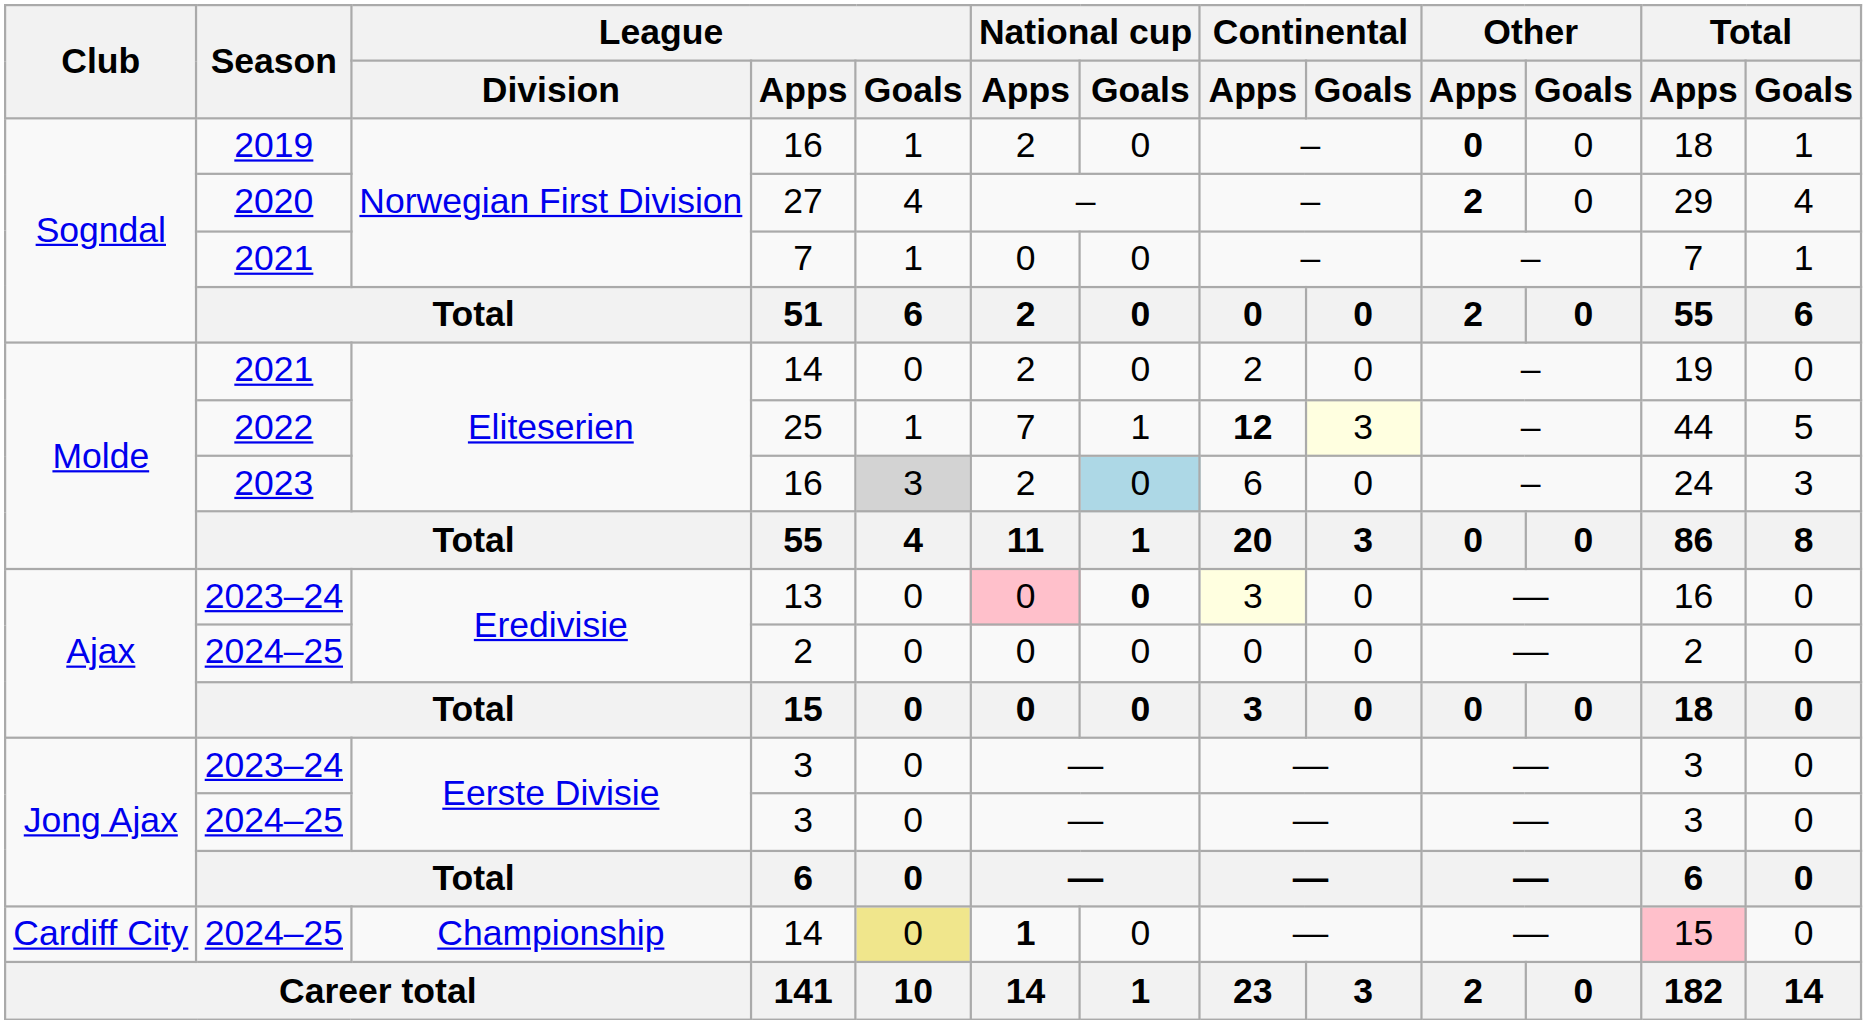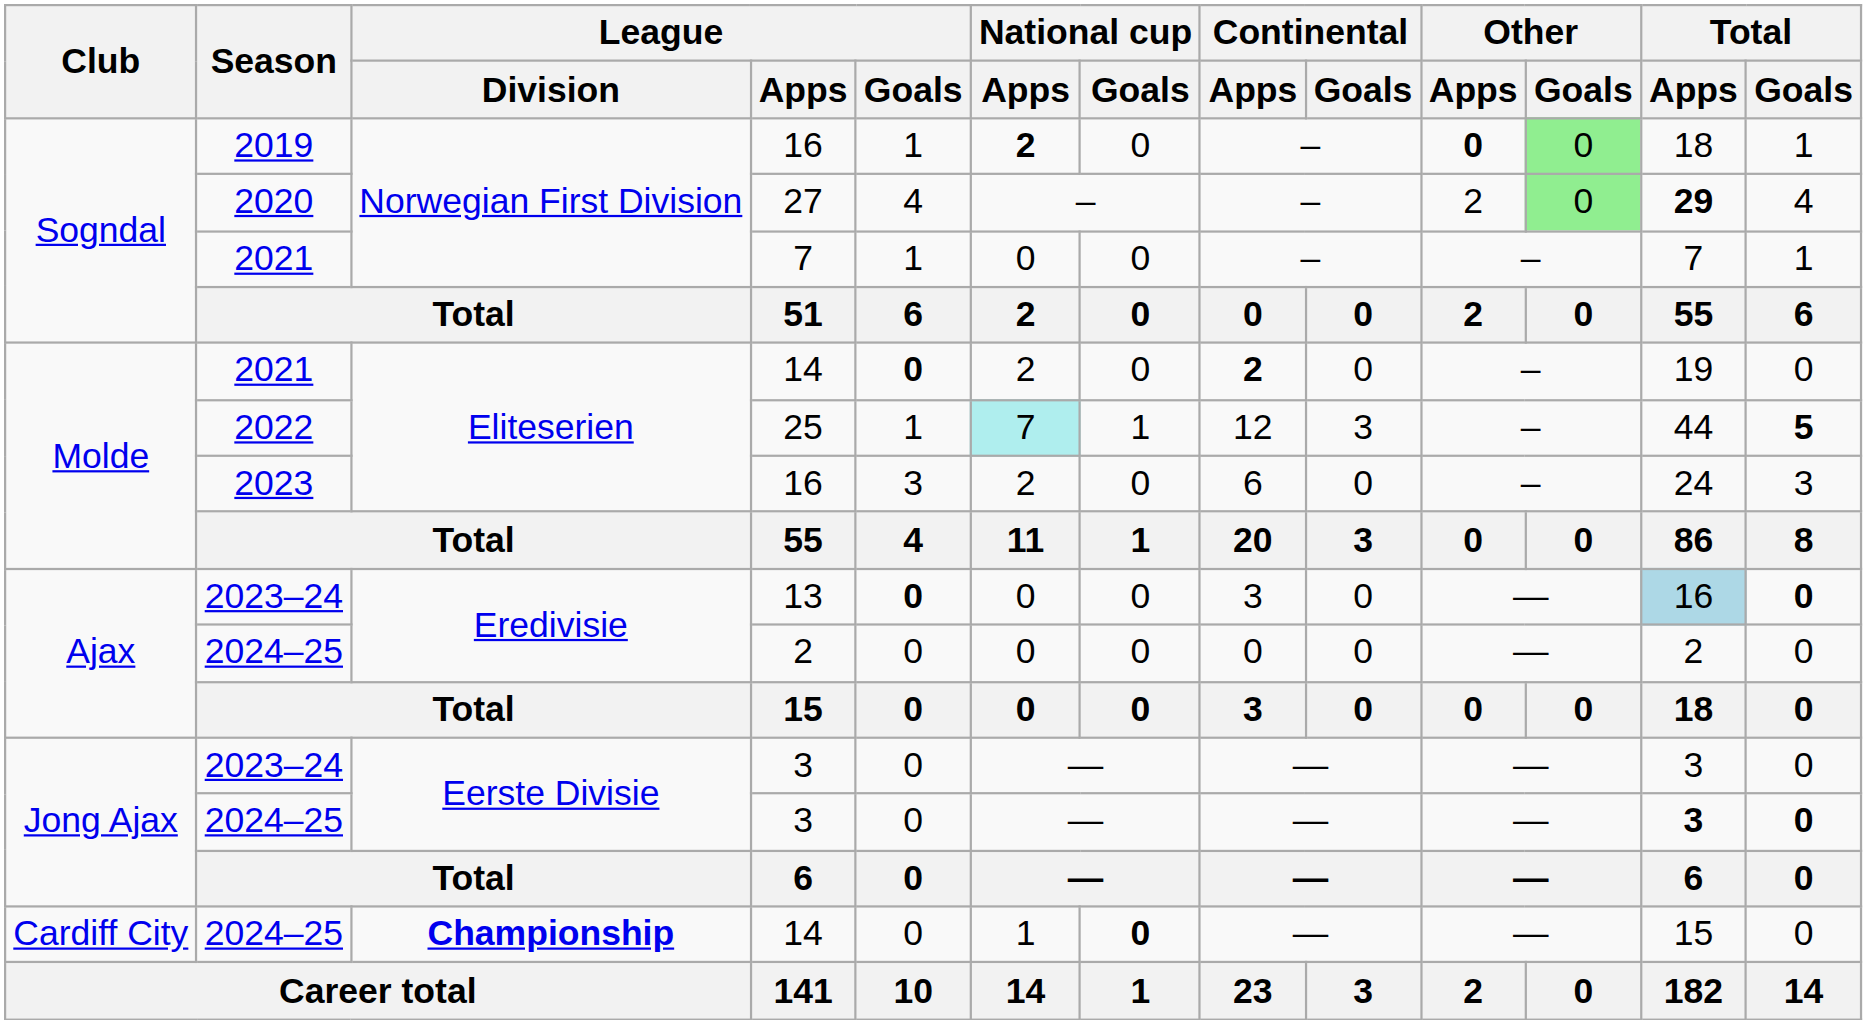 <table class="wikitable" style="text-align: center;">
 <tr>
 <th rowspan="2">Club</th>
 <th rowspan="2">Season</th>
 <th colspan="3">League</th>
 <th colspan="2">National cup</th>
 <th colspan="2">Continental</th>
 <th colspan="2">Other</th>
 <th colspan="2">Total</th>
 </tr>
 <tr>
 <th>Division</th>
 <th>Apps</th>
 <th>Goals</th>
 <th>Apps</th>
 <th>Goals</th>
 <th>Apps</th>
 <th>Goals</th>
 <th>Apps</th>
 <th>Goals</th>
 <th>Apps</th>
 <th>Goals</th>
 </tr>
 <tr>
 <td rowspan="4"><a href='#'>Sogndal</a></td>
 <td><a href='#'>2019</a></td>
 <td rowspan="3"><a href='#'>Norwegian First Division</a></td>
 <td>16</td>
 <td>1</td>
-<td>2</td>
+<td><strong>2</strong></td>
 <td>0</td>
 <td colspan="2">–</td>
 <td><strong>0</strong></td>
-<td>0</td>
+<td style="background: lightgreen;">0</td>
 <td>18</td>
 <td>1</td>
 </tr>
 <tr>
 <td><a href='#'>2020</a></td>
 <td>27</td>
 <td>4</td>
 <td colspan="2">–</td>
 <td colspan="2">–</td>
-<td><strong>2</strong></td>
-<td>0</td>
-<td>29</td>
+<td>2</td>
+<td style="background: lightgreen;">0</td>
+<td><strong>29</strong></td>
 <td>4</td>
 </tr>
 <tr>
 <td><a href='#'>2021</a></td>
 <td>7</td>
 <td>1</td>
 <td>0</td>
 <td>0</td>
 <td colspan="2">–</td>
 <td colspan="2">–</td>
 <td>7</td>
 <td>1</td>
 </tr>
 <tr>
 <th colspan="2">Total</th>
 <th>51</th>
 <th>6</th>
 <th>2</th>
 <th>0</th>
 <th>0</th>
 <th>0</th>
 <th>2</th>
 <th>0</th>
 <th>55</th>
 <th>6</th>
 </tr>
 <tr>
 <td rowspan="4"><a href='#'>Molde</a></td>
 <td><a href='#'>2021</a></td>
 <td rowspan="3"><a href='#'>Eliteserien</a></td>
 <td>14</td>
-<td>0</td>
+<td><strong>0</strong></td>
 <td>2</td>
 <td>0</td>
-<td>2</td>
+<td><strong>2</strong></td>
 <td>0</td>
 <td colspan="2">–</td>
 <td>19</td>
 <td>0</td>
 </tr>
 <tr>
 <td><a href='#'>2022</a></td>
 <td>25</td>
 <td>1</td>
-<td>7</td>
+<td style="background: paleturquoise;">7</td>
 <td>1</td>
-<td><strong>12</strong></td>
-<td style="background: lightyellow;">3</td>
+<td>12</td>
+<td>3</td>
 <td colspan="2">–</td>
 <td>44</td>
-<td>5</td>
+<td><strong>5</strong></td>
 </tr>
 <tr>
 <td><a href='#'>2023</a></td>
 <td>16</td>
-<td style="background: lightgrey;">3</td>
+<td>3</td>
 <td>2</td>
-<td style="background: lightblue;">0</td>
+<td>0</td>
 <td>6</td>
 <td>0</td>
 <td colspan="2">–</td>
 <td>24</td>
 <td>3</td>
 </tr>
 <tr>
 <th colspan="2">Total</th>
 <th>55</th>
 <th>4</th>
 <th>11</th>
 <th>1</th>
 <th>20</th>
 <th>3</th>
 <th>0</th>
 <th>0</th>
 <th>86</th>
 <th>8</th>
 </tr>
 <tr>
 <td rowspan="3"><a href='#'>Ajax</a></td>
 <td><a href='#'>2023–24</a></td>
 <td rowspan="2"><a href='#'>Eredivisie</a></td>
 <td>13</td>
+<td><strong>0</strong></td>
 <td>0</td>
-<td style="background: pink;">0</td>
-<td><strong>0</strong></td>
-<td style="background: lightyellow;">3</td>
+<td>0</td>
+<td>3</td>
 <td>0</td>
 <td colspan="2">—</td>
-<td>16</td>
-<td>0</td>
+<td style="background: lightblue;">16</td>
+<td><strong>0</strong></td>
 </tr>
 <tr>
 <td><a href='#'>2024–25</a></td>
 <td>2</td>
 <td>0</td>
 <td>0</td>
 <td>0</td>
 <td>0</td>
 <td>0</td>
 <td colspan="2">—</td>
 <td>2</td>
 <td>0</td>
 </tr>
 <tr>
 <th colspan="2">Total</th>
 <th>15</th>
 <th>0</th>
 <th>0</th>
 <th>0</th>
 <th>3</th>
 <th>0</th>
 <th>0</th>
 <th>0</th>
 <th>18</th>
 <th>0</th>
 </tr>
 <tr>
 <td rowspan="3"><a href='#'>Jong Ajax</a></td>
 <td><a href='#'>2023–24</a></td>
 <td rowspan="2"><a href='#'>Eerste Divisie</a></td>
 <td>3</td>
 <td>0</td>
 <td colspan="2">—</td>
 <td colspan="2">—</td>
 <td colspan="2">—</td>
 <td>3</td>
 <td>0</td>
 </tr>
 <tr>
 <td><a href='#'>2024–25</a></td>
 <td>3</td>
 <td>0</td>
 <td colspan="2">—</td>
 <td colspan="2">—</td>
 <td colspan="2">—</td>
-<td>3</td>
-<td>0</td>
+<td><strong>3</strong></td>
+<td><strong>0</strong></td>
 </tr>
 <tr>
 <th colspan="2">Total</th>
 <th>6</th>
 <th>0</th>
 <th colspan="2">—</th>
 <th colspan="2">—</th>
 <th colspan="2">—</th>
 <th>6</th>
 <th>0</th>
 </tr>
 <tr>
 <td><a href='#'>Cardiff City</a></td>
 <td><a href='#'>2024–25</a></td>
-<td><a href='#'>Championship</a></td>
+<td><strong><a href='#'>Championship</a></strong></td>
 <td>14</td>
-<td style="background: khaki;">0</td>
-<td><strong>1</strong></td>
 <td>0</td>
+<td>1</td>
+<td><strong>0</strong></td>
 <td colspan="2">—</td>
 <td colspan="2">—</td>
-<td style="background: pink;">15</td>
+<td>15</td>
 <td>0</td>
 </tr>
 <tr>
 <th colspan="3">Career total</th>
 <th>141</th>
 <th>10</th>
 <th>14</th>
 <th>1</th>
 <th>23</th>
 <th>3</th>
 <th>2</th>
 <th>0</th>
 <th>182</th>
 <th>14</th>
 </tr>
 </table>
